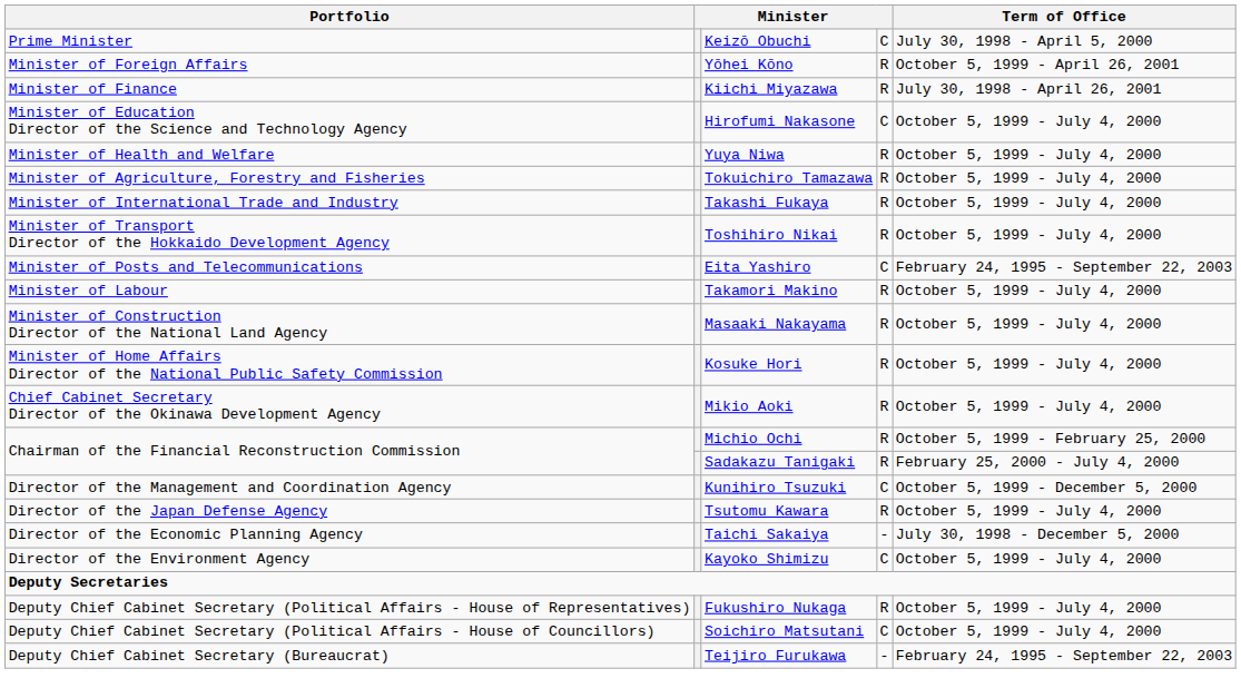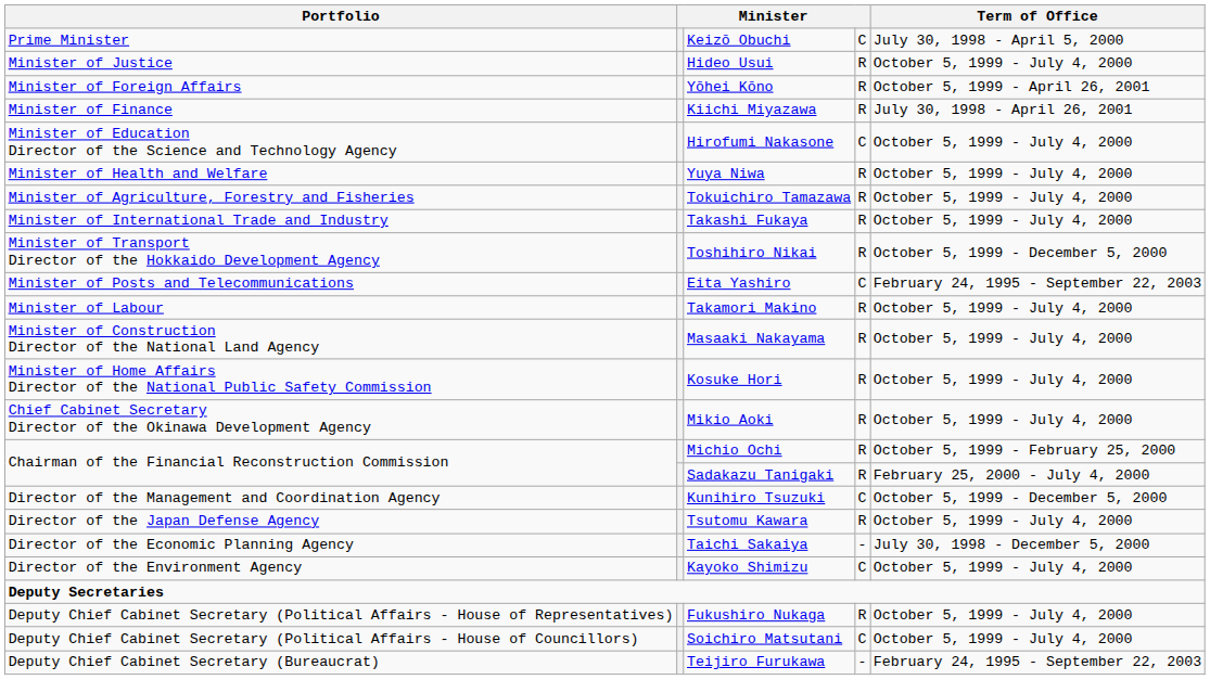 <table class="wikitable">
 <tr>
 <th>Portfolio</th>
 <th colspan=3>Minister</th>
 <th>Term of Office</th>
 </tr>
 <tr>
 <td><a href='#'>Prime Minister</a></td>
 <th style="color:inherit;background-color: "></th>
 <td><a href='#'>Keizō Obuchi</a></td>
 <td>C</td>
 <td>July 30, 1998 - April 5, 2000</td>
+</tr>
+<tr>
+<td><a href='#'>Minister of Justice</a></td>
+<th style="color:inherit;background-color: "></th>
+<td><a href='#'>Hideo Usui</a></td>
+<td>R</td>
+<td>October 5, 1999 - July 4, 2000</td>
 </tr>
 <tr>
 <td><a href='#'>Minister of Foreign Affairs</a></td>
 <th style="color:inherit;background-color: "></th>
 <td><a href='#'>Yōhei Kōno</a></td>
 <td>R</td>
 <td>October 5, 1999 - April 26, 2001</td>
 </tr>
 <tr>
 <td><a href='#'>Minister of Finance</a></td>
 <th style="color:inherit;background-color: "></th>
 <td><a href='#'>Kiichi Miyazawa</a></td>
 <td>R</td>
 <td>July 30, 1998 - April 26, 2001</td>
 </tr>
 <tr>
 <td><a href='#'>Minister of Education</a> <br>Director of the Science and Technology Agency</td>
 <th style="color:inherit;background-color: "></th>
 <td><a href='#'>Hirofumi Nakasone</a></td>
 <td>C</td>
 <td>October 5, 1999 - July 4, 2000</td>
 </tr>
 <tr>
 <td><a href='#'>Minister of Health and Welfare</a></td>
 <th style="color:inherit;background-color: "></th>
 <td><a href='#'>Yuya Niwa</a></td>
 <td>R</td>
 <td>October 5, 1999 - July 4, 2000</td>
 </tr>
 <tr>
 <td><a href='#'>Minister of Agriculture, Forestry and Fisheries</a></td>
 <th style="color:inherit;background-color: "></th>
 <td><a href='#'>Tokuichiro Tamazawa</a></td>
 <td>R</td>
 <td>October 5, 1999 - July 4, 2000</td>
 </tr>
 <tr>
 <td><a href='#'>Minister of International Trade and Industry</a></td>
 <th style="color:inherit;background-color: "></th>
 <td><a href='#'>Takashi Fukaya</a></td>
 <td>R</td>
 <td>October 5, 1999 - July 4, 2000</td>
 </tr>
 <tr>
 <td><a href='#'>Minister of Transport</a> <br>Director of the <a href='#'>Hokkaido Development Agency</a></td>
 <th style="color:inherit;background-color: "></th>
 <td><a href='#'>Toshihiro Nikai</a></td>
 <td>R</td>
-<td>October 5, 1999 - July 4, 2000</td>
+<td>October 5, 1999 - December 5, 2000</td>
 </tr>
 <tr>
 <td><a href='#'>Minister of Posts and Telecommunications</a></td>
 <th style="color:inherit;background-color: "></th>
 <td><a href='#'>Eita Yashiro</a></td>
 <td>C</td>
 <td>February 24, 1995 - September 22, 2003</td>
 </tr>
 <tr>
 <td><a href='#'>Minister of Labour</a></td>
 <th style="color:inherit;background-color: "></th>
 <td><a href='#'>Takamori Makino</a></td>
 <td>R</td>
 <td>October 5, 1999 - July 4, 2000</td>
 </tr>
 <tr>
 <td><a href='#'>Minister of Construction</a> <br>Director of the National Land Agency</td>
 <th style="color:inherit;background-color: "></th>
 <td><a href='#'>Masaaki Nakayama</a></td>
 <td>R</td>
 <td>October 5, 1999 - July 4, 2000</td>
 </tr>
 <tr>
 <td><a href='#'>Minister of Home Affairs</a> <br>Director of the <a href='#'>National Public Safety Commission</a></td>
 <th style="color:inherit;background-color: "></th>
 <td><a href='#'>Kosuke Hori</a></td>
 <td>R</td>
 <td>October 5, 1999 - July 4, 2000</td>
 </tr>
 <tr>
 <td><a href='#'>Chief Cabinet Secretary</a> <br>Director of the Okinawa Development Agency</td>
 <th style="color:inherit;background-color: "></th>
 <td><a href='#'>Mikio Aoki</a></td>
 <td>R</td>
 <td>October 5, 1999 - July 4, 2000</td>
 </tr>
 <tr>
 <td rowspan=2>Chairman of the Financial Reconstruction Commission</td>
 <th style="color:inherit;background-color: "></th>
 <td><a href='#'>Michio Ochi</a></td>
 <td>R</td>
 <td>October 5, 1999 - February 25, 2000</td>
 </tr>
 <tr>
 <th style="color:inherit;background-color: "></th>
 <td><a href='#'>Sadakazu Tanigaki</a></td>
 <td>R</td>
 <td>February 25, 2000 - July 4, 2000</td>
 </tr>
 <tr>
 <td>Director of the Management and Coordination Agency</td>
 <th style="color:inherit;background-color: "></th>
 <td><a href='#'>Kunihiro Tsuzuki</a></td>
 <td>C</td>
 <td>October 5, 1999 - December 5, 2000</td>
 </tr>
 <tr>
 <td>Director of the <a href='#'>Japan Defense Agency</a></td>
 <th style="color:inherit;background-color: "></th>
 <td><a href='#'>Tsutomu Kawara</a></td>
 <td>R</td>
 <td>October 5, 1999 - July 4, 2000</td>
 </tr>
 <tr>
 <td>Director of the Economic Planning Agency</td>
 <th style="color:inherit;background-color: "></th>
 <td><a href='#'>Taichi Sakaiya</a></td>
 <td>-</td>
 <td>July 30, 1998 - December 5, 2000</td>
 </tr>
 <tr>
 <td>Director of the Environment Agency</td>
 <th style="color:inherit;background-color: "></th>
 <td><a href='#'>Kayoko Shimizu</a></td>
 <td>C</td>
 <td>October 5, 1999 - July 4, 2000</td>
 </tr>
 <tr>
 <td colspan=5><strong>Deputy Secretaries</strong></td>
 </tr>
 <tr>
 <td>Deputy Chief Cabinet Secretary (Political Affairs - House of Representatives)</td>
 <th style="color:inherit;background-color: "></th>
 <td><a href='#'>Fukushiro Nukaga</a></td>
 <td>R</td>
 <td>October 5, 1999 - July 4, 2000</td>
 </tr>
 <tr>
 <td>Deputy Chief Cabinet Secretary (Political Affairs - House of Councillors)</td>
 <th style="color:inherit;background-color: "></th>
 <td><a href='#'>Soichiro Matsutani</a></td>
 <td>C</td>
 <td>October 5, 1999 - July 4, 2000</td>
 </tr>
 <tr>
 <td>Deputy Chief Cabinet Secretary (Bureaucrat)</td>
 <th style="color:inherit;background-color: "></th>
 <td><a href='#'>Teijiro Furukawa</a></td>
 <td>-</td>
 <td>February 24, 1995 - September 22, 2003</td>
 </tr>
 </table>
